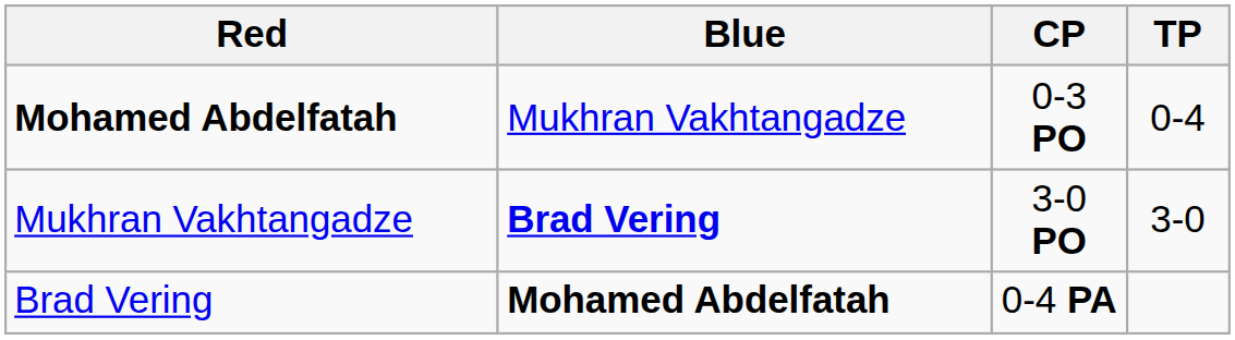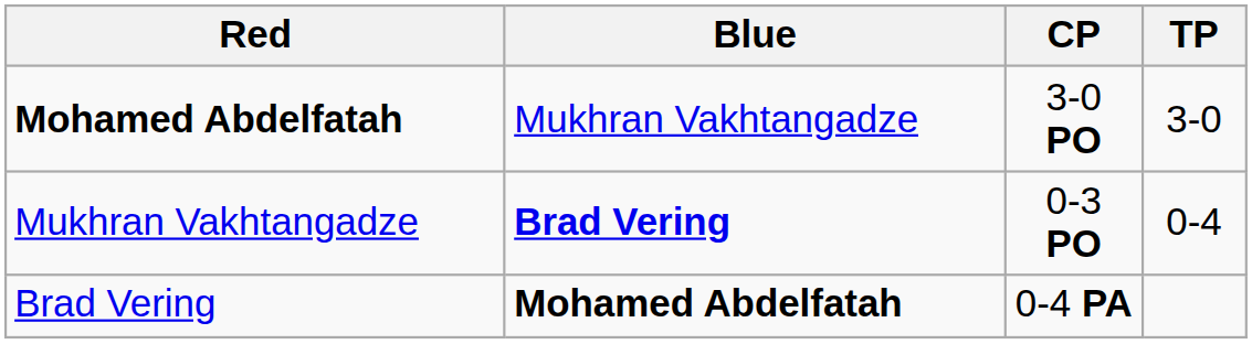 <table class="wikitable" style="text-align: center;" |>
 <tr>
 <th width="200">Red</th>
 <th width="200">Blue</th>
 <th width="50">CP</th>
 <th width="35">TP</th>
 </tr>
 <tr>
 <td style="text-align:left;"><strong>Mohamed Abdelfatah</strong></td>
 <td style="text-align:left;"><a href='#'>Mukhran Vakhtangadze</a></td>
-<td>0-3 <strong>PO</strong></td>
-<td>0-4</td>
+<td>3-0 <strong>PO</strong></td>
+<td>3-0</td>
 </tr>
 <tr>
 <td style="text-align:left;"><a href='#'>Mukhran Vakhtangadze</a></td>
 <td style="text-align:left;"><strong><a href='#'>Brad Vering</a></strong></td>
-<td>3-0 <strong>PO</strong></td>
-<td>3-0</td>
+<td>0-3 <strong>PO</strong></td>
+<td>0-4</td>
 </tr>
 <tr>
 <td style="text-align:left;"><a href='#'>Brad Vering</a></td>
 <td style="text-align:left;"><strong>Mohamed Abdelfatah</strong></td>
 <td>0-4 <strong>PA</strong></td>
 <td></td>
 </tr>
 </table>
